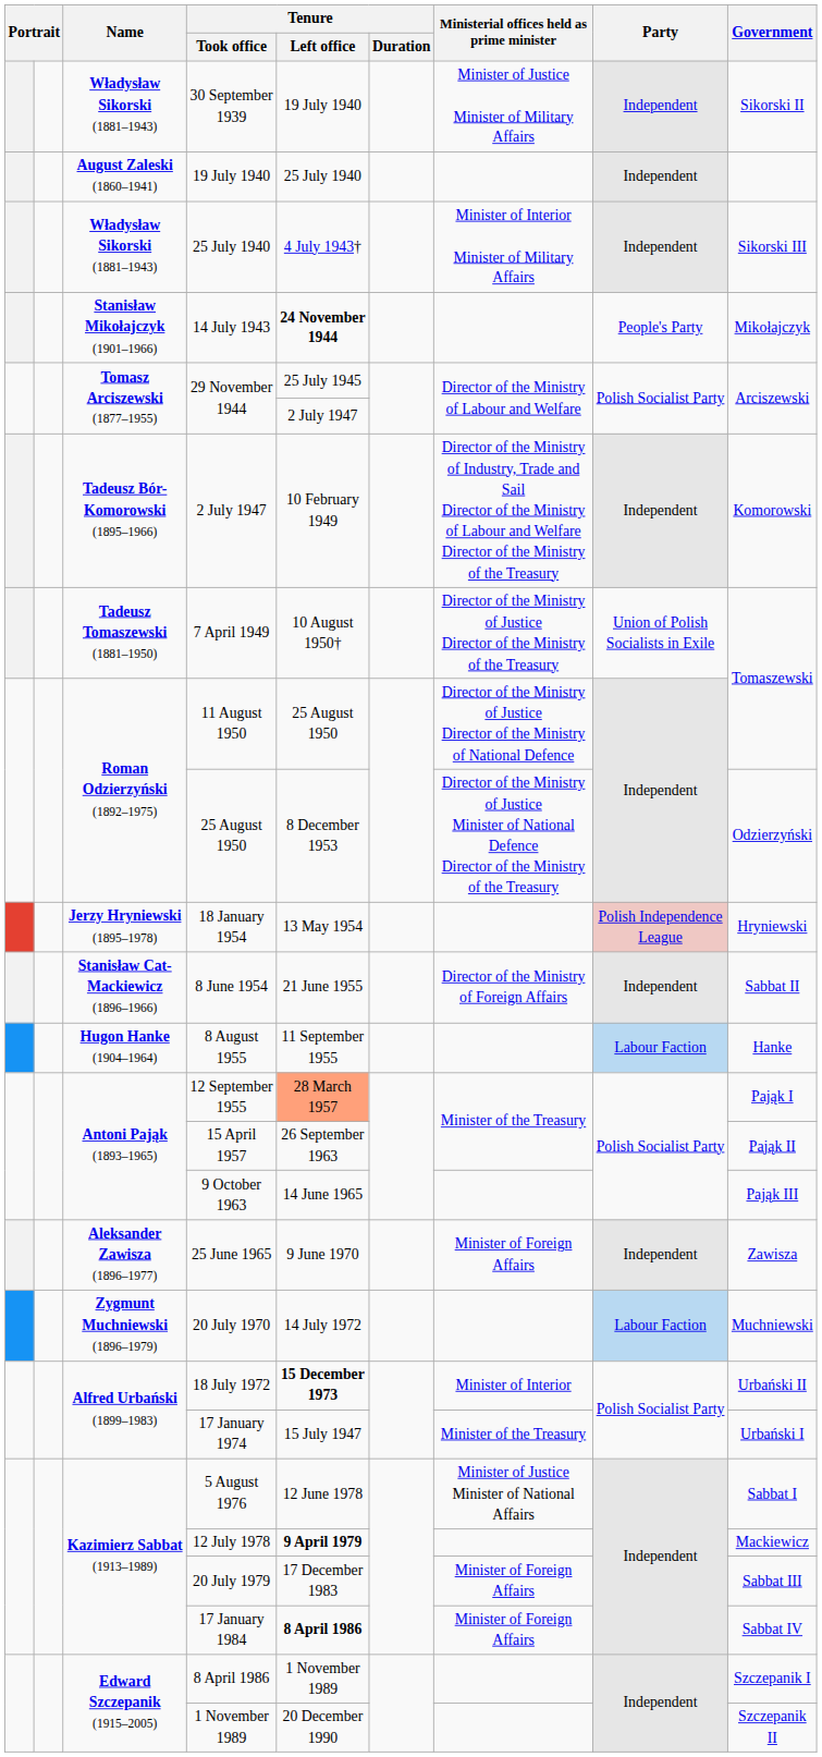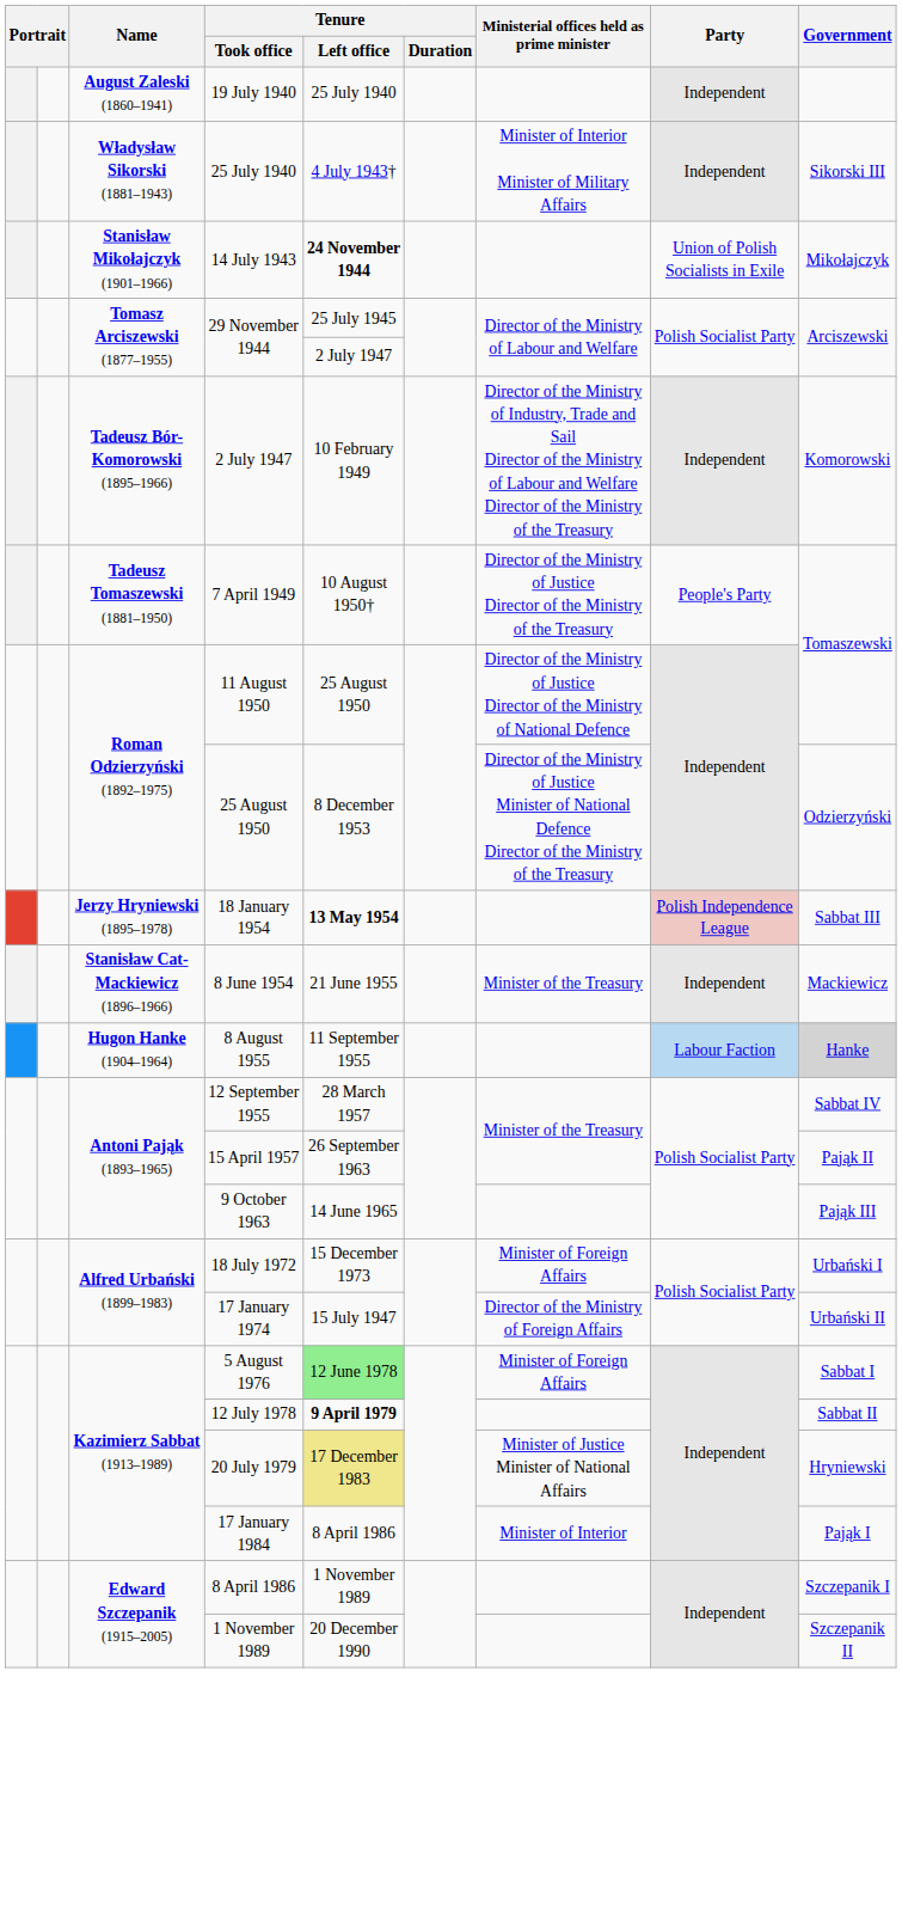 <table class="wikitable" style="line-height:1.4em; text-align:center;">
 <tr>
 <th colspan="2" rowspan="2" scope="col">Portrait</th>
 <th rowspan="2">Name<br></th>
 <th colspan="3" scope="colgroup">Tenure</th>
 <th rowspan="2" style="font-size:90%; line-height:normal" scope="col">Ministerial offices held as prime minister</th>
 <th rowspan="2">Party</th>
 <th rowspan="2"><a href='#'>Government</a></th>
 </tr>
 <tr>
 <th>Took office</th>
 <th>Left office</th>
 <th>Duration</th>
-</tr>
-<tr>
-<th style="background:"></th>
-<td></td>
-<td><strong><a href='#'>Władysław Sikorski</a></strong><br><small>(1881–1943)</small></td>
-<td>30 September 1939</td>
-<td>19 July 1940</td>
-<td></td>
-<td><a href='#'>Minister of Justice</a><br><br><a href='#'>Minister of Military Affairs</a></td>
-<td style="background:#e6e6e6;"><a href='#'>Independent</a></td>
-<td><a href='#'>Sikorski II</a></td>
 </tr>
 <tr>
 <th style="background:"></th>
 <td></td>
 <td><strong><a href='#'>August Zaleski</a></strong><br><small>(1860–1941)</small></td>
 <td>19 July 1940</td>
 <td>25 July 1940</td>
 <td></td>
 <td></td>
 <td style="background:#e6e6e6;">Independent</td>
 <td></td>
 </tr>
 <tr>
 <th style="background:"></th>
 <td></td>
 <td><strong><a href='#'>Władysław Sikorski</a></strong><br><small>(1881–1943)</small></td>
 <td>25 July 1940</td>
 <td><a href='#'>4 July 1943</a>†</td>
 <td></td>
 <td><a href='#'>Minister of Interior</a><br><br><a href='#'>Minister of Military Affairs</a><br></td>
 <td style="background:#e6e6e6;">Independent</td>
 <td><a href='#'>Sikorski III</a></td>
 </tr>
 <tr>
 <th style="background:"></th>
 <td></td>
 <td><strong><a href='#'>Stanisław Mikołajczyk</a></strong><br><small>(1901–1966)</small></td>
 <td>14 July 1943</td>
 <td><strong>24 November 1944</strong></td>
 <td></td>
 <td></td>
-<td><a href='#'>People's Party</a></td>
+<td><a href='#'>Union of Polish Socialists in Exile</a></td>
 <td><a href='#'>Mikołajczyk</a></td>
 </tr>
 <tr>
 <td rowspan=2! style="background:"></td>
 <td rowspan=2></td>
 <td rowspan=2><strong><a href='#'>Tomasz Arciszewski</a></strong><br><small>(1877–1955)</small></td>
 <td rowspan=2>29 November 1944</td>
 <td>25 July 1945<br></td>
 <td rowspan=2></td>
 <td rowspan=2><a href='#'>Director of the Ministry of Labour and Welfare</a></td>
 <td rowspan=2! ><a href='#'>Polish Socialist Party</a></td>
 <td rowspan=2><a href='#'>Arciszewski</a></td>
 </tr>
 <tr>
 <td>2 July 1947</td>
 </tr>
 <tr>
 <th style="background:"></th>
 <td></td>
 <td><strong><a href='#'>Tadeusz Bór-Komorowski</a></strong><br><small>(1895–1966)</small></td>
 <td>2 July 1947</td>
 <td>10 February 1949</td>
 <td></td>
 <td><a href='#'>Director of the Ministry of Industry, Trade and Sail</a><br><a href='#'>Director of the Ministry of Labour and Welfare</a><br><a href='#'>Director of the Ministry of the Treasury</a></td>
 <td style="background:#e6e6e6;">Independent</td>
 <td><a href='#'>Komorowski</a></td>
 </tr>
 <tr>
 <th style="background:"></th>
 <td></td>
 <td><strong><a href='#'>Tadeusz Tomaszewski</a></strong><br><small>(1881–1950)</small></td>
 <td>7 April 1949</td>
 <td>10 August 1950†</td>
 <td></td>
 <td><a href='#'>Director of the Ministry of Justice</a><br><a href='#'>Director of the Ministry of the Treasury</a></td>
-<td><a href='#'>Union of Polish Socialists in Exile</a></td>
+<td><a href='#'>People's Party</a></td>
 <td rowspan=2><a href='#'>Tomaszewski</a></td>
 </tr>
 <tr>
 <td rowspan=2! style="background:"></td>
 <td rowspan=2></td>
 <td rowspan=2><strong><a href='#'>Roman Odzierzyński</a></strong><br><small>(1892–1975)</small></td>
 <td>11 August 1950<br></td>
 <td>25 August 1950</td>
 <td rowspan=2></td>
 <td><a href='#'>Director of the Ministry of Justice</a><br><a href='#'>Director of the Ministry of National Defence</a></td>
 <td rowspan=2! style="background:#e6e6e6;">Independent</td>
 </tr>
 <tr>
 <td>25 August 1950</td>
 <td>8 December 1953</td>
 <td><a href='#'>Director of the Ministry of Justice</a><br><a href='#'>Minister of National Defence</a><br><a href='#'>Director of the Ministry of the Treasury</a><br></td>
 <td><a href='#'>Odzierzyński</a></td>
 </tr>
 <tr>
 <th style="background:#E44031"></th>
 <td></td>
 <td><strong><a href='#'>Jerzy Hryniewski</a></strong><br><small>(1895–1978)</small></td>
 <td>18 January 1954</td>
-<td>13 May 1954</td>
+<td><strong>13 May 1954</strong></td>
 <td></td>
 <td></td>
 <td style="background:#EFC8C4"><a href='#'>Polish Independence League</a></td>
-<td><a href='#'>Hryniewski</a></td>
+<td><a href='#'>Sabbat III</a></td>
 </tr>
 <tr>
 <th style="background:"></th>
 <td></td>
 <td><strong><a href='#'>Stanisław Cat-Mackiewicz</a></strong><br><small>(1896–1966)</small></td>
 <td>8 June 1954</td>
 <td>21 June 1955</td>
 <td></td>
-<td><a href='#'>Director of the Ministry of Foreign Affairs</a></td>
+<td><a href='#'>Minister of the Treasury</a></td>
 <td style="background:#e6e6e6;">Independent</td>
-<td><a href='#'>Sabbat II</a></td>
+<td><a href='#'>Mackiewicz</a></td>
 </tr>
 <tr>
 <th style="background:#1693F4"></th>
 <td></td>
 <td><strong><a href='#'>Hugon Hanke</a></strong><br><small>(1904–1964)</small></td>
 <td>8 August 1955</td>
 <td>11 September 1955<br></td>
 <td></td>
 <td></td>
 <td style="background:#B8D9F2"><a href='#'>Labour Faction</a></td>
-<td><a href='#'>Hanke</a></td>
+<td style="background: lightgrey;"><a href='#'>Hanke</a></td>
 </tr>
 <tr>
 <td rowspan=3! style="background:"></td>
 <td rowspan=3></td>
 <td rowspan=3><strong><a href='#'>Antoni Pająk</a></strong><br><small>(1893–1965)</small></td>
 <td>12 September 1955</td>
-<td style="background: lightsalmon;">28 March 1957</td>
+<td>28 March 1957</td>
 <td rowspan=3></td>
 <td rowspan=2><a href='#'>Minister of the Treasury</a></td>
 <td rowspan=3! ><a href='#'>Polish Socialist Party</a></td>
-<td><a href='#'>Pająk I</a></td>
+<td><a href='#'>Sabbat IV</a></td>
 </tr>
 <tr>
 <td>15 April 1957</td>
 <td>26 September 1963</td>
 <td><a href='#'>Pająk II</a></td>
 </tr>
 <tr>
 <td>9 October 1963</td>
 <td>14 June 1965</td>
 <td></td>
 <td><a href='#'>Pająk III</a></td>
 </tr>
 <tr>
-<th style="background:"></th>
-<td></td>
-<td><strong><a href='#'>Aleksander Zawisza</a></strong><br><small>(1896–1977)</small></td>
-<td>25 June 1965</td>
-<td>9 June 1970</td>
-<td></td>
-<td><a href='#'>Minister of Foreign Affairs</a></td>
-<td style="background:#e6e6e6;">Independent</td>
-<td><a href='#'>Zawisza</a></td>
-</tr>
-<tr>
-<th style="background:#1693F4"></th>
-<td> </td>
-<td><strong><a href='#'>Zygmunt Muchniewski</a></strong><br><small>(1896–1979)</small></td>
-<td>20 July 1970</td>
-<td>14 July 1972</td>
-<td></td>
-<td></td>
-<td style="background:#B8D9F2"><a href='#'>Labour Faction</a></td>
-<td><a href='#'>Muchniewski</a></td>
-</tr>
-<tr>
 <td rowspan=2! style="background:"></td>
 <td rowspan=2></td>
 <td rowspan=2><strong><a href='#'>Alfred Urbański</a></strong><br><small>(1899–1983)</small></td>
 <td>18 July 1972</td>
-<td><strong>15 December 1973</strong></td>
+<td>15 December 1973</td>
 <td rowspan=2></td>
-<td><a href='#'>Minister of Interior</a></td>
+<td><a href='#'>Minister of Foreign Affairs</a></td>
 <td rowspan=2! ><a href='#'>Polish Socialist Party</a></td>
-<td><a href='#'>Urbański II</a></td>
+<td><a href='#'>Urbański I</a></td>
 </tr>
 <tr>
 <td>17 January 1974</td>
 <td>15 July 1947</td>
-<td><a href='#'>Minister of the Treasury</a></td>
-<td><a href='#'>Urbański I</a></td>
+<td><a href='#'>Director of the Ministry of Foreign Affairs</a></td>
+<td><a href='#'>Urbański II</a></td>
 </tr>
 <tr>
 <td rowspan=4! style="background:"></td>
 <td rowspan=4></td>
 <td rowspan=4><strong><a href='#'>Kazimierz Sabbat</a></strong><br><small>(1913–1989)</small></td>
 <td>5 August 1976</td>
-<td>12 June 1978</td>
+<td style="background: lightgreen;">12 June 1978</td>
 <td rowspan=4></td>
-<td><a href='#'>Minister of Justice</a><br>Minister of National Affairs</td>
+<td><a href='#'>Minister of Foreign Affairs</a></td>
 <td rowspan=4! style="background:#e6e6e6;">Independent</td>
 <td><a href='#'>Sabbat I</a></td>
 </tr>
 <tr>
 <td>12 July 1978</td>
 <td><strong>9 April 1979</strong></td>
 <td></td>
-<td><a href='#'>Mackiewicz</a></td>
+<td><a href='#'>Sabbat II</a></td>
 </tr>
 <tr>
 <td>20 July 1979</td>
-<td>17 December 1983</td>
-<td><a href='#'>Minister of Foreign Affairs</a></td>
-<td><a href='#'>Sabbat III</a></td>
+<td style="background: khaki;">17 December 1983</td>
+<td><a href='#'>Minister of Justice</a><br>Minister of National Affairs</td>
+<td><a href='#'>Hryniewski</a></td>
 </tr>
 <tr>
 <td>17 January 1984</td>
-<td><strong>8 April 1986</strong></td>
-<td><a href='#'>Minister of Foreign Affairs</a></td>
-<td><a href='#'>Sabbat IV</a></td>
+<td>8 April 1986</td>
+<td><a href='#'>Minister of Interior</a></td>
+<td><a href='#'>Pająk I</a></td>
 </tr>
 <tr>
 <td rowspan=2! style="background:"></td>
 <td rowspan=2></td>
 <td rowspan=2><strong><a href='#'>Edward Szczepanik</a></strong><br><small>(1915–2005)</small></td>
 <td>8 April 1986</td>
 <td>1 November 1989</td>
 <td rowspan=2></td>
 <td></td>
 <td rowspan=2! style="background:#e6e6e6;">Independent</td>
 <td><a href='#'>Szczepanik I</a></td>
 </tr>
 <tr>
 <td>1 November 1989</td>
 <td>20 December 1990</td>
 <td></td>
 <td><a href='#'>Szczepanik II</a></td>
 </tr>
 </table>
